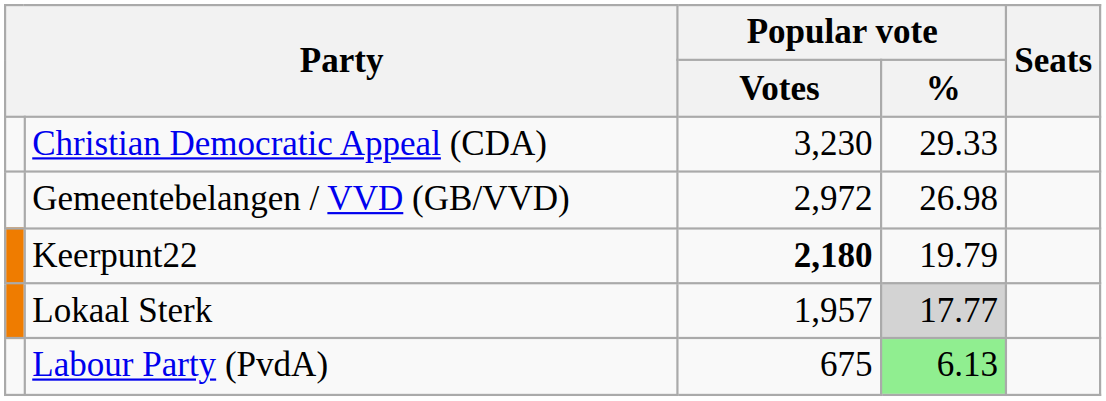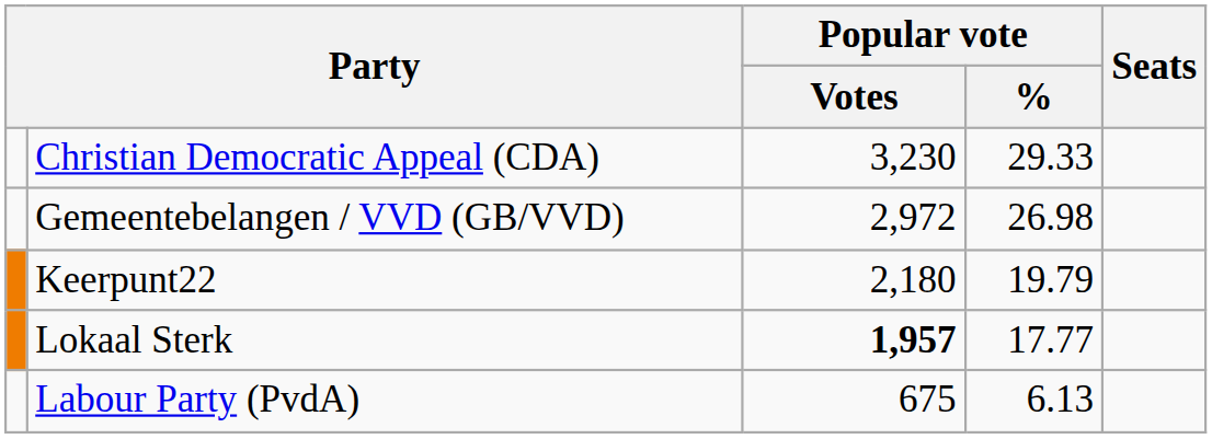 <table class="wikitable" style="text-align:right; margin-bottom:0">
 <tr>
 <th rowspan="2" colspan="2" width="300">Party</th>
 <th colspan="2">Popular vote</th>
 <th rowspan="2">Seats</th>
 </tr>
 <tr>
 <th width="85">Votes</th>
 <th width="50">%</th>
 </tr>
 <tr>
 <td style="color:inherit;background:"></td>
 <td align="left"><a href='#'>Christian Democratic Appeal</a> (CDA)</td>
 <td>3,230</td>
 <td>29.33</td>
 <td></td>
 </tr>
 <tr>
 <td style="color:inherit;background:"></td>
 <td align="left">Gemeentebelangen / <a href='#'>VVD</a> (GB/VVD)</td>
 <td>2,972</td>
 <td>26.98</td>
 <td></td>
 </tr>
 <tr>
 <td style="color:inherit;background:#ef7c00"></td>
 <td align="left">Keerpunt22</td>
-<td><strong>2,180</strong></td>
+<td>2,180</td>
 <td>19.79</td>
 <td></td>
 </tr>
 <tr>
 <td style="color:inherit;background:#ef7c00"></td>
 <td align="left">Lokaal Sterk</td>
-<td>1,957</td>
-<td style="background: lightgrey;">17.77</td>
+<td><strong>1,957</strong></td>
+<td>17.77</td>
 <td></td>
 </tr>
 <tr>
 <td style="color:inherit;background:"></td>
 <td align="left"><a href='#'>Labour Party</a> (PvdA)</td>
 <td>675</td>
-<td style="background: lightgreen;">6.13</td>
+<td>6.13</td>
 <td></td>
 </tr>
 </table>
